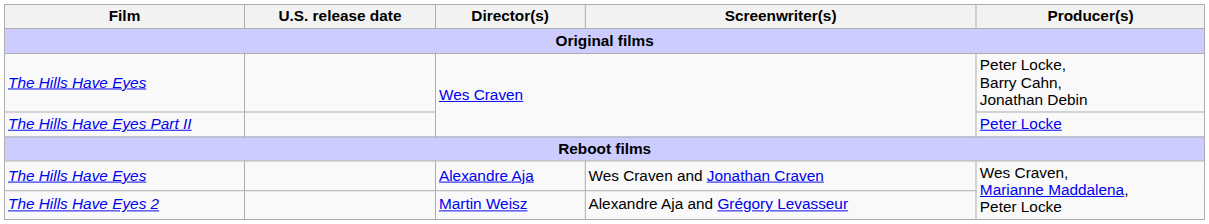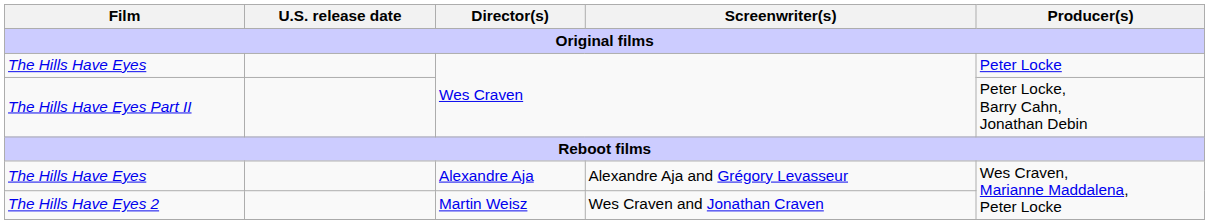 <table class="wikitable" width=99% border="1">
 <tr>
 <th scope="col" style="width:20%;">Film</th>
 <th scope="col">U.S. release date</th>
 <th scope="col">Director(s)</th>
 <th scope="col">Screenwriter(s)</th>
 <th scope="col">Producer(s)</th>
 </tr>
 <tr>
 <th colspan="5" style="background-color:#ccccff;">Original films</th>
 </tr>
 <tr>
 <td><em><a href='#'>The Hills Have Eyes</a></em></td>
 <td style="text-align:center"></td>
 <td rowspan="2" colspan="2"><a href='#'>Wes Craven</a></td>
-<td>Peter Locke,<br>Barry Cahn,<br>Jonathan Debin</td>
+<td><a href='#'>Peter Locke</a></td>
 </tr>
 <tr>
 <td><em><a href='#'>The Hills Have Eyes Part II</a></em></td>
 <td style="text-align:center"></td>
-<td><a href='#'>Peter Locke</a></td>
+<td>Peter Locke,<br>Barry Cahn,<br>Jonathan Debin</td>
 </tr>
 <tr>
 <th colspan="5" style="background-color:#ccccff;">Reboot films</th>
 </tr>
 <tr>
 <td><em><a href='#'>The Hills Have Eyes</a></em></td>
 <td style="text-align:center"></td>
 <td><a href='#'>Alexandre Aja</a></td>
-<td>Wes Craven and <a href='#'>Jonathan Craven</a></td>
+<td>Alexandre Aja and <a href='#'>Grégory Levasseur</a></td>
 <td rowspan="2">Wes Craven,<br><a href='#'>Marianne Maddalena</a>,<br>Peter Locke</td>
 </tr>
 <tr>
 <td><em><a href='#'>The Hills Have Eyes 2</a></em></td>
 <td style="text-align:center"></td>
 <td><a href='#'>Martin Weisz</a></td>
-<td>Alexandre Aja and <a href='#'>Grégory Levasseur</a></td>
+<td>Wes Craven and <a href='#'>Jonathan Craven</a></td>
 </tr>
 <tr>
 </tr>
 </table>
